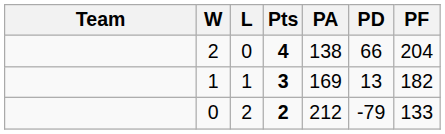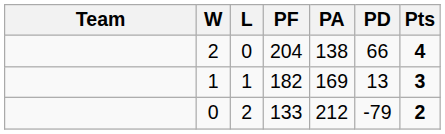 <table class="wikitable" style="text-align:center;">
 <tr>
 <th width=150>Team</th>
 <th width=20>W</th>
 <th width=20>L</th>
-<th width=20>Pts</th>
+<th width=30>PF</th>
 <th width=30>PA</th>
 <th width=30>PD</th>
-<th width=30>PF</th>
+<th width=20>Pts</th>
 </tr>
 <tr>
 <td align="left"></td>
 <td>2</td>
 <td>0</td>
-<td><strong>4</strong></td>
+<td>204</td>
 <td>138</td>
 <td>66</td>
-<td>204</td>
+<td><strong>4</strong></td>
 </tr>
 <tr>
 <td align="left"></td>
 <td>1</td>
 <td>1</td>
-<td><strong>3</strong></td>
+<td>182</td>
 <td>169</td>
 <td>13</td>
-<td>182</td>
+<td><strong>3</strong></td>
 </tr>
 <tr>
 <td align="left"></td>
 <td>0</td>
 <td>2</td>
-<td><strong>2</strong></td>
+<td>133</td>
 <td>212</td>
 <td>-79</td>
-<td>133</td>
+<td><strong>2</strong></td>
 </tr>
 </table>
